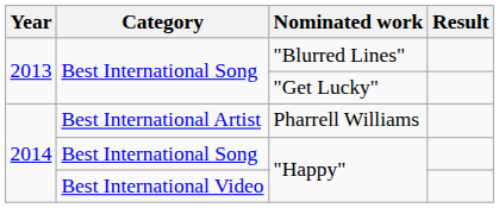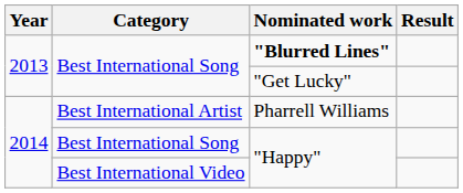 <table class="wikitable">
 <tr>
 <th>Year</th>
 <th>Category</th>
 <th>Nominated work</th>
 <th>Result</th>
 </tr>
 <tr>
 <td rowspan=2><a href='#'>2013</a></td>
 <td rowspan=2><a href='#'>Best International Song</a></td>
-<td>"Blurred Lines" </td>
+<td><strong>"Blurred Lines" </strong></td>
 <td></td>
 </tr>
 <tr>
 <td>"Get Lucky" </td>
 <td></td>
 </tr>
 <tr>
 <td rowspan=3><a href='#'>2014</a></td>
 <td><a href='#'>Best International Artist</a></td>
 <td>Pharrell Williams</td>
 <td></td>
 </tr>
 <tr>
 <td><a href='#'>Best International Song</a></td>
 <td rowspan=2>"Happy"</td>
 <td></td>
 </tr>
 <tr>
 <td><a href='#'>Best International Video</a></td>
 <td></td>
 </tr>
 </table>
